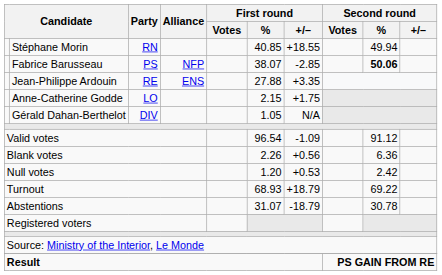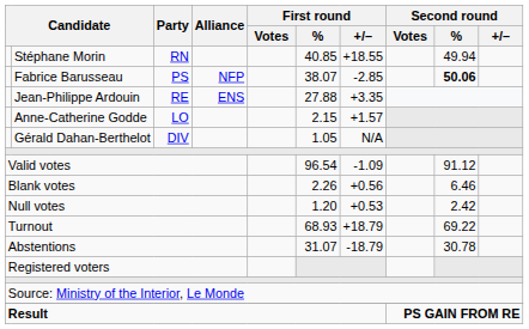 <table class="wikitable" style="text-align:right;font-size:95%;">
 <tr>
 <th rowspan="2" colspan="2">Candidate</th>
 <th rowspan="2">Party</th>
 <th rowspan="2">Alliance</th>
 <th colspan="3">First round</th>
 <th colspan="3">Second round</th>
 </tr>
 <tr>
 <th style="width:50px;">Votes</th>
 <th style="width:45px;">%</th>
 <th style="width:45px;">+/–</th>
 <th style="width:50px;">Votes</th>
 <th style="width:45px;">%</th>
 <th style="width:45px;">+/–</th>
 </tr>
 <tr>
 <td style="color:inherit;background:"></td>
 <td style="text-align:left;">Stéphane Morin</td>
 <td><a href='#'>RN</a></td>
 <td></td>
 <td></td>
 <td>40.85</td>
 <td>+18.55</td>
 <td></td>
 <td>49.94</td>
 <td></td>
 </tr>
 <tr>
 <td style="color:inherit;background:"></td>
 <td style="text-align:left;">Fabrice Barusseau</td>
 <td><a href='#'>PS</a></td>
 <td><a href='#'>NFP</a></td>
 <td></td>
 <td>38.07</td>
 <td>-2.85</td>
 <td><strong></strong></td>
 <td><strong>50.06</strong></td>
 <td></td>
 </tr>
 <tr>
 <td style="color:inherit;background:"></td>
 <td style="text-align:left;">Jean-Philippe Ardouin</td>
 <td><a href='#'>RE</a></td>
 <td><a href='#'>ENS</a></td>
 <td></td>
 <td>27.88</td>
 <td>+3.35</td>
 <td colspan="3" style="background:#F8F9FA;"></td>
 </tr>
 <tr>
 <td style="color:inherit;background:"></td>
 <td style="text-align:left;">Anne-Catherine Godde</td>
 <td><a href='#'>LO</a></td>
 <td></td>
 <td></td>
 <td>2.15</td>
-<td>+1.75</td>
+<td>+1.57</td>
 <td colspan="3" style="background:#E9E9E9;"></td>
 </tr>
 <tr>
 <td style="color:inherit;background:"></td>
 <td style="text-align:left;">Gérald Dahan-Berthelot</td>
 <td><a href='#'>DIV</a></td>
 <td></td>
 <td></td>
 <td>1.05</td>
 <td>N/A</td>
 <td colspan="3" style="background:#E9E9E9;"></td>
 </tr>
 <tr>
 <td colspan="10" style="background:#E9E9E9;"></td>
 </tr>
 <tr>
 <td colspan="4" style="text-align:left;">Valid votes</td>
 <td></td>
 <td>96.54</td>
 <td>-1.09</td>
 <td></td>
 <td>91.12</td>
 <td></td>
 </tr>
 <tr>
 <td colspan="4" style="text-align:left;">Blank votes</td>
 <td></td>
 <td>2.26</td>
 <td>+0.56</td>
 <td></td>
-<td>6.36</td>
+<td>6.46</td>
 <td></td>
 </tr>
 <tr>
 <td colspan="4" style="text-align:left;">Null votes</td>
 <td></td>
 <td>1.20</td>
 <td>+0.53</td>
 <td></td>
 <td>2.42</td>
 <td></td>
 </tr>
 <tr>
 <td colspan="4" style="text-align:left;">Turnout</td>
 <td></td>
 <td>68.93</td>
 <td>+18.79</td>
 <td></td>
 <td>69.22</td>
 <td></td>
 </tr>
 <tr>
 <td colspan="4" style="text-align:left;">Abstentions</td>
 <td></td>
 <td>31.07</td>
 <td>-18.79</td>
 <td></td>
 <td>30.78</td>
 <td></td>
 </tr>
 <tr>
 <td colspan="4" style="text-align:left;">Registered voters</td>
 <td></td>
 <td colspan="2" style="background:#E9E9E9;"></td>
 <td></td>
 <td colspan="2" style="background:#E9E9E9;"></td>
 </tr>
 <tr>
 <td colspan="10" style="background:#E9E9E9;"></td>
 </tr>
 <tr>
 <td colspan="10" style="text-align:left;">Source: <a href='#'>Ministry of the Interior</a>, <a href='#'>Le Monde</a></td>
 </tr>
 <tr>
 </tr>
 <tr style="font-weight:bold">
 <td colspan="7" style="text-align:left;">Result</td>
 <td colspan="7" style="background-color:">PS GAIN FROM RE</td>
 </tr>
 </table>
